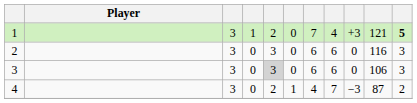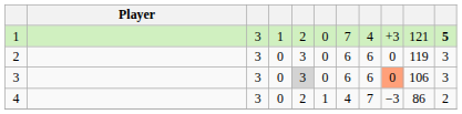 <table class="wikitable" style="text-align:center;">
 <tr>
 <th width=20></th>
 <th width=260>Player</th>
 <th width=20></th>
 <th width=20></th>
 <th width=20></th>
 <th width=20></th>
 <th width=20></th>
 <th width=20></th>
 <th width=20></th>
 <th width=30></th>
 <th width=20></th>
 </tr>
 <tr style="background:#D0F0C0;">
 <td>1</td>
 <td align=left> <small></small></td>
 <td>3</td>
 <td>1</td>
 <td>2</td>
 <td>0</td>
 <td>7</td>
 <td>4</td>
 <td>+3</td>
 <td>121</td>
 <td><strong>5</strong></td>
 </tr>
 <tr>
 <td>2</td>
 <td align=left> <small></small></td>
 <td>3</td>
 <td>0</td>
 <td>3</td>
 <td>0</td>
 <td>6</td>
 <td>6</td>
 <td>0</td>
-<td>116</td>
+<td>119</td>
 <td>3</td>
 </tr>
 <tr>
 <td>3</td>
 <td align=left> <small></small></td>
 <td>3</td>
 <td>0</td>
 <td style="background: lightgrey;">3</td>
 <td>0</td>
 <td>6</td>
 <td>6</td>
-<td>0</td>
+<td style="background: lightsalmon;">0</td>
 <td>106</td>
 <td>3</td>
 </tr>
 <tr>
 <td>4</td>
 <td align=left> <small></small></td>
 <td>3</td>
 <td>0</td>
 <td>2</td>
 <td>1</td>
 <td>4</td>
 <td>7</td>
 <td>−3</td>
-<td>87</td>
+<td>86</td>
 <td>2</td>
 </tr>
 <tr>
 </tr>
 </table>
